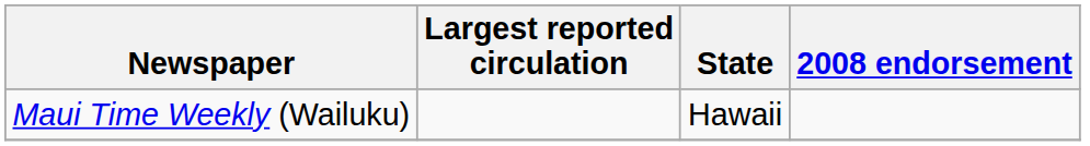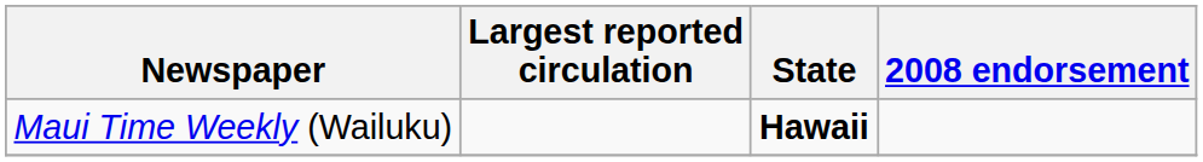 <table class="wikitable sortable">
 <tr valign=bottom>
 <th>Newspaper</th>
 <th>Largest reported<br>circulation</th>
 <th>State</th>
 <th><a href='#'>2008 endorsement</a></th>
 </tr>
 <tr>
 <td><em><a href='#'>Maui Time Weekly</a></em> (Wailuku)</td>
 <td></td>
-<td>Hawaii</td>
+<td><strong>Hawaii</strong></td>
 <td></td>
 </tr>
 <tr>
 </tr>
 </table>
